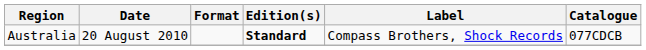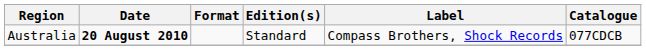 <table class="wikitable plainrowheaders">
 <tr>
 <th scope="col">Region</th>
 <th scope="col">Date</th>
 <th scope="col">Format</th>
 <th scope="col">Edition(s)</th>
 <th scope="col">Label</th>
 <th scope="col">Catalogue</th>
 </tr>
 <tr>
 <td>Australia</td>
-<td>20 August 2010</td>
+<td><strong>20 August 2010</strong></td>
 <td></td>
-<td><strong>Standard</strong></td>
+<td>Standard</td>
 <td>Compass Brothers, <a href='#'>Shock Records</a></td>
 <td>077CDCB</td>
 </tr>
 <tr>
 </tr>
 </table>
